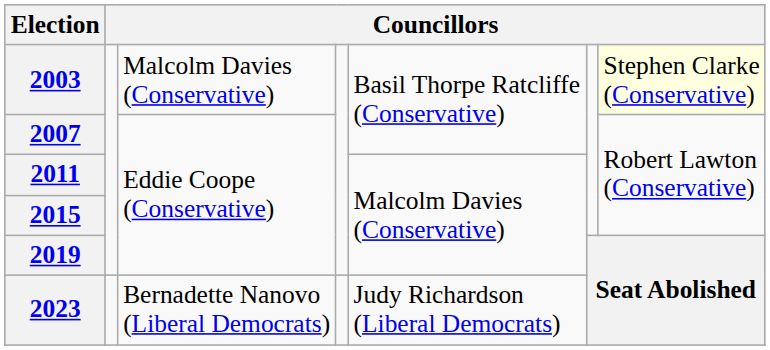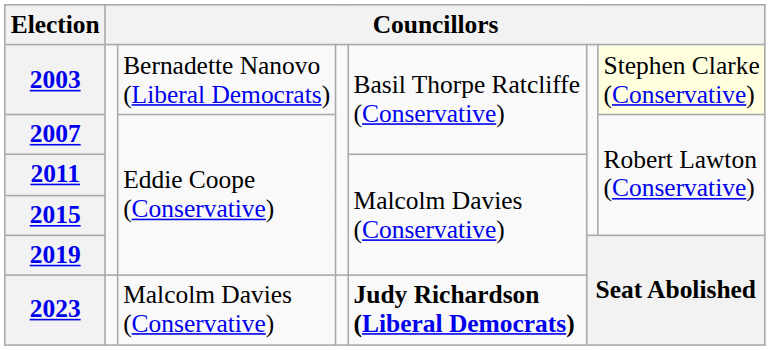 <table class="wikitable">
 <tr>
 <th>Election</th>
 <th colspan="6">Councillors</th>
 </tr>
 <tr>
 <th><a href='#'>2003</a></th>
 <td rowspan="5" style="background-color: "></td>
-<td>Malcolm Davies<br>(<a href='#'>Conservative</a>)</td>
+<td>Bernadette Nanovo<br>(<a href='#'>Liberal Democrats</a>)</td>
 <td rowspan="5" style="background-color: "></td>
 <td rowspan="2">Basil Thorpe Ratcliffe<br>(<a href='#'>Conservative</a>)</td>
 <td rowspan="4" style="background-color: "></td>
 <td style="background: lightyellow;">Stephen Clarke<br>(<a href='#'>Conservative</a>)</td>
 </tr>
 <tr>
 <th><a href='#'>2007</a></th>
 <td rowspan="4">Eddie Coope<br>(<a href='#'>Conservative</a>)</td>
 <td rowspan="3">Robert Lawton<br>(<a href='#'>Conservative</a>)</td>
 </tr>
 <tr>
 <th><a href='#'>2011</a></th>
 <td rowspan="3">Malcolm Davies<br>(<a href='#'>Conservative</a>)</td>
 </tr>
 <tr>
 <th><a href='#'>2015</a></th>
 </tr>
 <tr>
 <th><a href='#'>2019</a></th>
 <th colspan="2" rowspan="2">Seat Abolished</th>
 </tr>
 <tr>
 <th><a href='#'>2023</a></th>
 <td rowspan="1;" style="background-color: "></td>
-<td>Bernadette Nanovo<br>(<a href='#'>Liberal Democrats</a>)</td>
+<td>Malcolm Davies<br>(<a href='#'>Conservative</a>)</td>
 <td rowspan="1;" style="background-color: "></td>
-<td>Judy Richardson<br>(<a href='#'>Liberal Democrats</a>)</td>
+<td><strong>Judy Richardson<br>(<a href='#'>Liberal Democrats</a>)</strong></td>
 </tr>
 </table>
